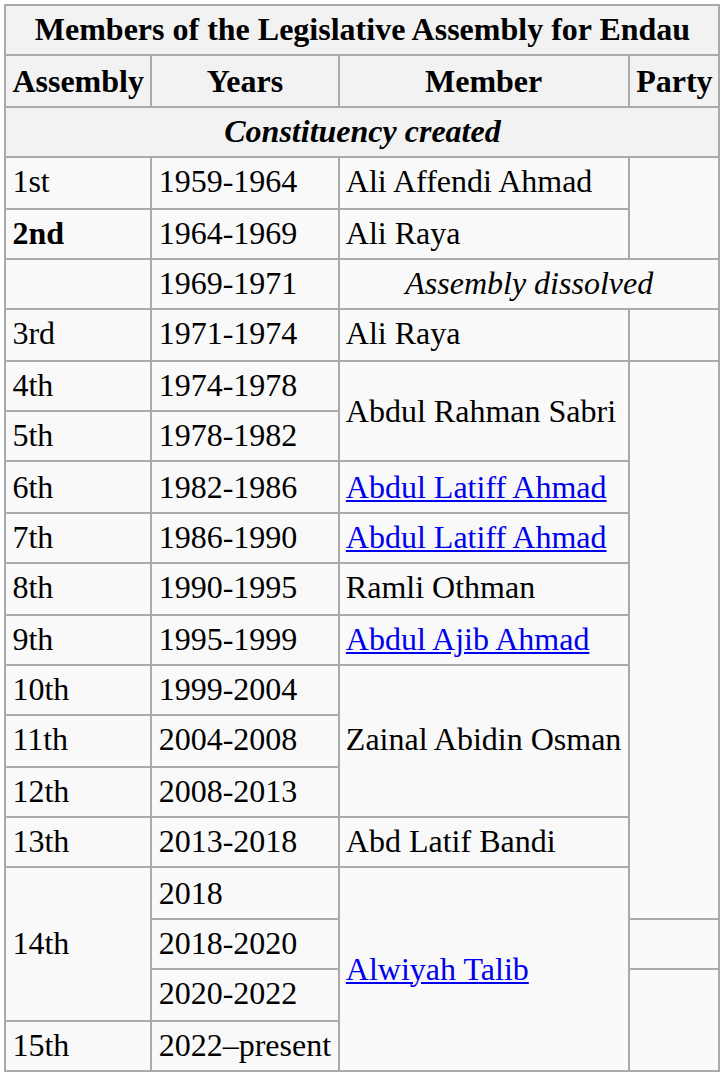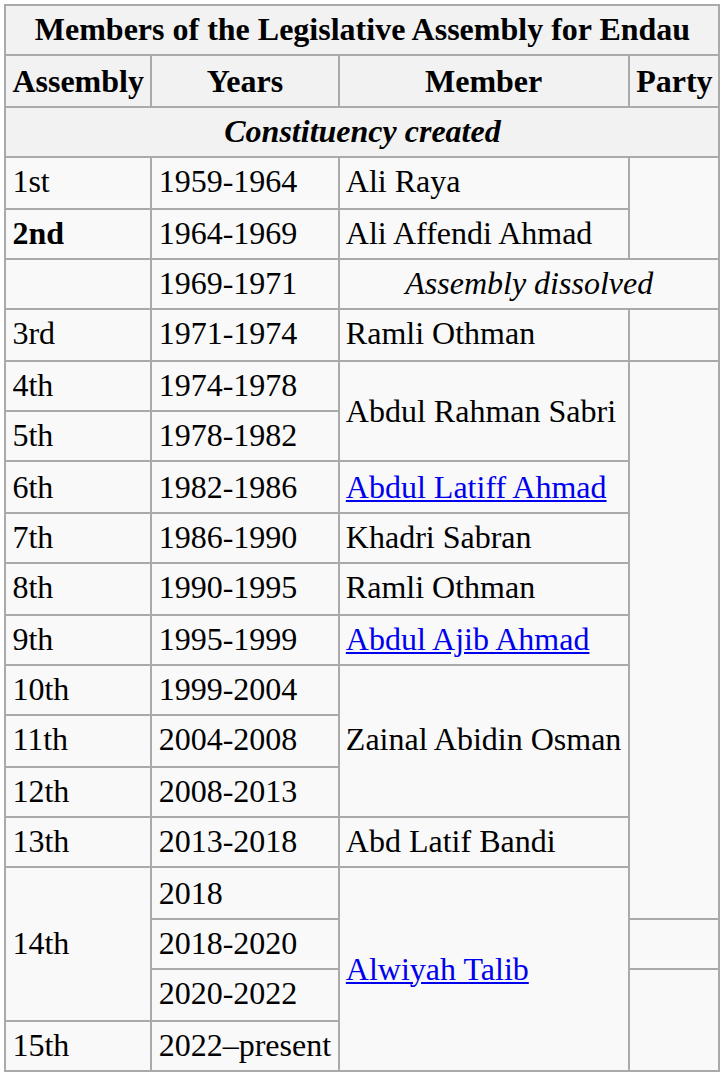 <table class=wikitable>
 <tr>
 <th colspan=4>Members of the Legislative Assembly for Endau</th>
 </tr>
 <tr>
 <th>Assembly</th>
 <th>Years</th>
 <th>Member</th>
 <th>Party</th>
 </tr>
 <tr>
 <th colspan=4 align=center><em>Constituency created</em></th>
 </tr>
 <tr>
 <td>1st</td>
 <td>1959-1964</td>
-<td>Ali Affendi Ahmad</td>
+<td>Ali Raya</td>
 <td rowspan="2"></td>
 </tr>
 <tr>
 <td><strong>2nd</strong></td>
 <td>1964-1969</td>
-<td>Ali Raya</td>
+<td>Ali Affendi Ahmad</td>
 </tr>
 <tr>
 <td></td>
 <td>1969-1971</td>
 <td colspan=2 align=center><em>Assembly dissolved</em></td>
 </tr>
 <tr>
 <td>3rd</td>
 <td>1971-1974</td>
-<td>Ali Raya</td>
+<td>Ramli Othman</td>
 <td></td>
 </tr>
 <tr>
 <td>4th</td>
 <td>1974-1978</td>
 <td rowspan="2">Abdul Rahman Sabri</td>
 <td rowspan="11"></td>
 </tr>
 <tr>
 <td>5th</td>
 <td>1978-1982</td>
 </tr>
 <tr>
 <td>6th</td>
 <td>1982-1986</td>
 <td><a href='#'>Abdul Latiff Ahmad</a></td>
 </tr>
 <tr>
 <td>7th</td>
 <td>1986-1990</td>
-<td><a href='#'>Abdul Latiff Ahmad</a></td>
+<td>Khadri Sabran</td>
 </tr>
 <tr>
 <td>8th</td>
 <td>1990-1995</td>
 <td>Ramli Othman</td>
 </tr>
 <tr>
 <td>9th</td>
 <td>1995-1999</td>
 <td><a href='#'>Abdul Ajib Ahmad</a></td>
 </tr>
 <tr>
 <td>10th</td>
 <td>1999-2004</td>
 <td rowspan="3">Zainal Abidin Osman</td>
 </tr>
 <tr>
 <td>11th</td>
 <td>2004-2008</td>
 </tr>
 <tr>
 <td>12th</td>
 <td>2008-2013</td>
 </tr>
 <tr>
 <td>13th</td>
 <td>2013-2018</td>
 <td>Abd Latif Bandi</td>
 </tr>
 <tr>
 <td rowspan="3">14th</td>
 <td>2018</td>
 <td rowspan="4"><a href='#'>Alwiyah Talib</a></td>
 </tr>
 <tr>
 <td>2018-2020</td>
 <td></td>
 </tr>
 <tr>
 <td>2020-2022</td>
 <td rowspan="2"></td>
 </tr>
 <tr>
 <td>15th</td>
 <td>2022–present</td>
 </tr>
 </table>
